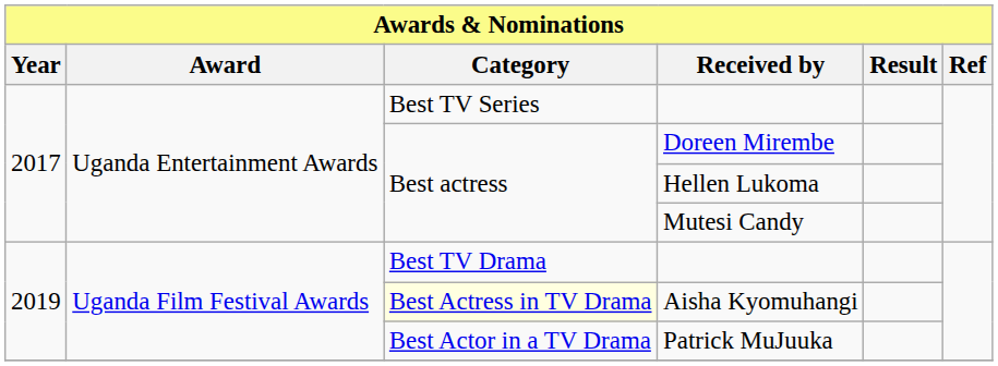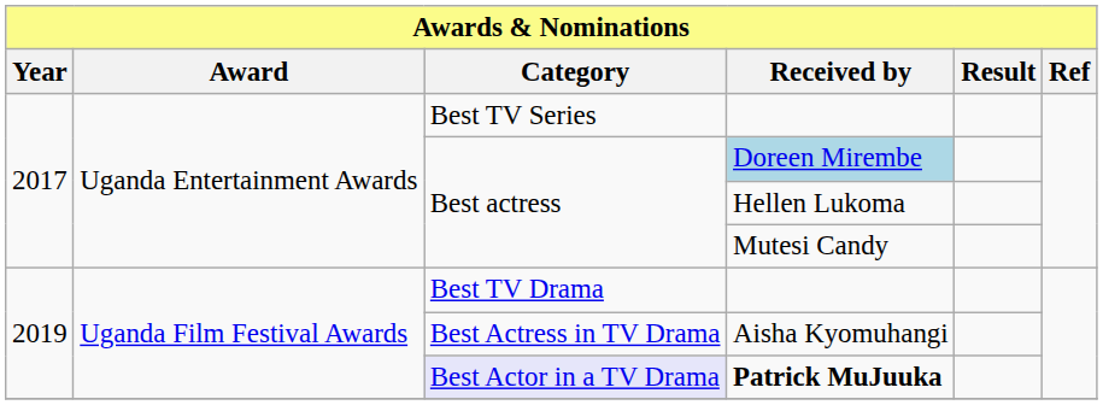 <table class="wikitable" width="">
 <tr>
 <th colspan="6" style="background: #FBFC8A;">Awards & Nominations</th>
 </tr>
 <tr style="background:#ccc; text-align:center;">
 <th>Year</th>
 <th>Award</th>
 <th>Category</th>
 <th>Received by</th>
 <th>Result</th>
 <th>Ref</th>
 </tr>
 <tr>
 <td rowspan="4">2017</td>
 <td rowspan="4">Uganda Entertainment Awards</td>
 <td>Best TV Series</td>
 <td></td>
 <td></td>
 <td rowspan="4"></td>
 </tr>
 <tr>
 <td rowspan="3">Best actress</td>
-<td><a href='#'>Doreen Mirembe</a></td>
+<td style="background: lightblue;"><a href='#'>Doreen Mirembe</a></td>
 <td></td>
 </tr>
 <tr>
 <td>Hellen Lukoma</td>
 <td></td>
 </tr>
 <tr>
 <td>Mutesi Candy</td>
 <td></td>
 </tr>
 <tr>
 <td rowspan="3">2019</td>
 <td rowspan="3"><a href='#'>Uganda Film Festival Awards</a></td>
 <td><a href='#'>Best TV Drama</a></td>
 <td></td>
 <td></td>
 <td rowspan="3"></td>
 </tr>
 <tr>
-<td style="background: lightyellow;"><a href='#'>Best Actress in TV Drama</a></td>
+<td><a href='#'>Best Actress in TV Drama</a></td>
 <td>Aisha Kyomuhangi</td>
 <td></td>
 </tr>
 <tr>
-<td><a href='#'>Best Actor in a TV Drama</a></td>
-<td>Patrick MuJuuka</td>
+<td style="background: lavender;"><a href='#'>Best Actor in a TV Drama</a></td>
+<td><strong>Patrick MuJuuka</strong></td>
 <td></td>
 </tr>
 <tr>
 </tr>
 </table>
